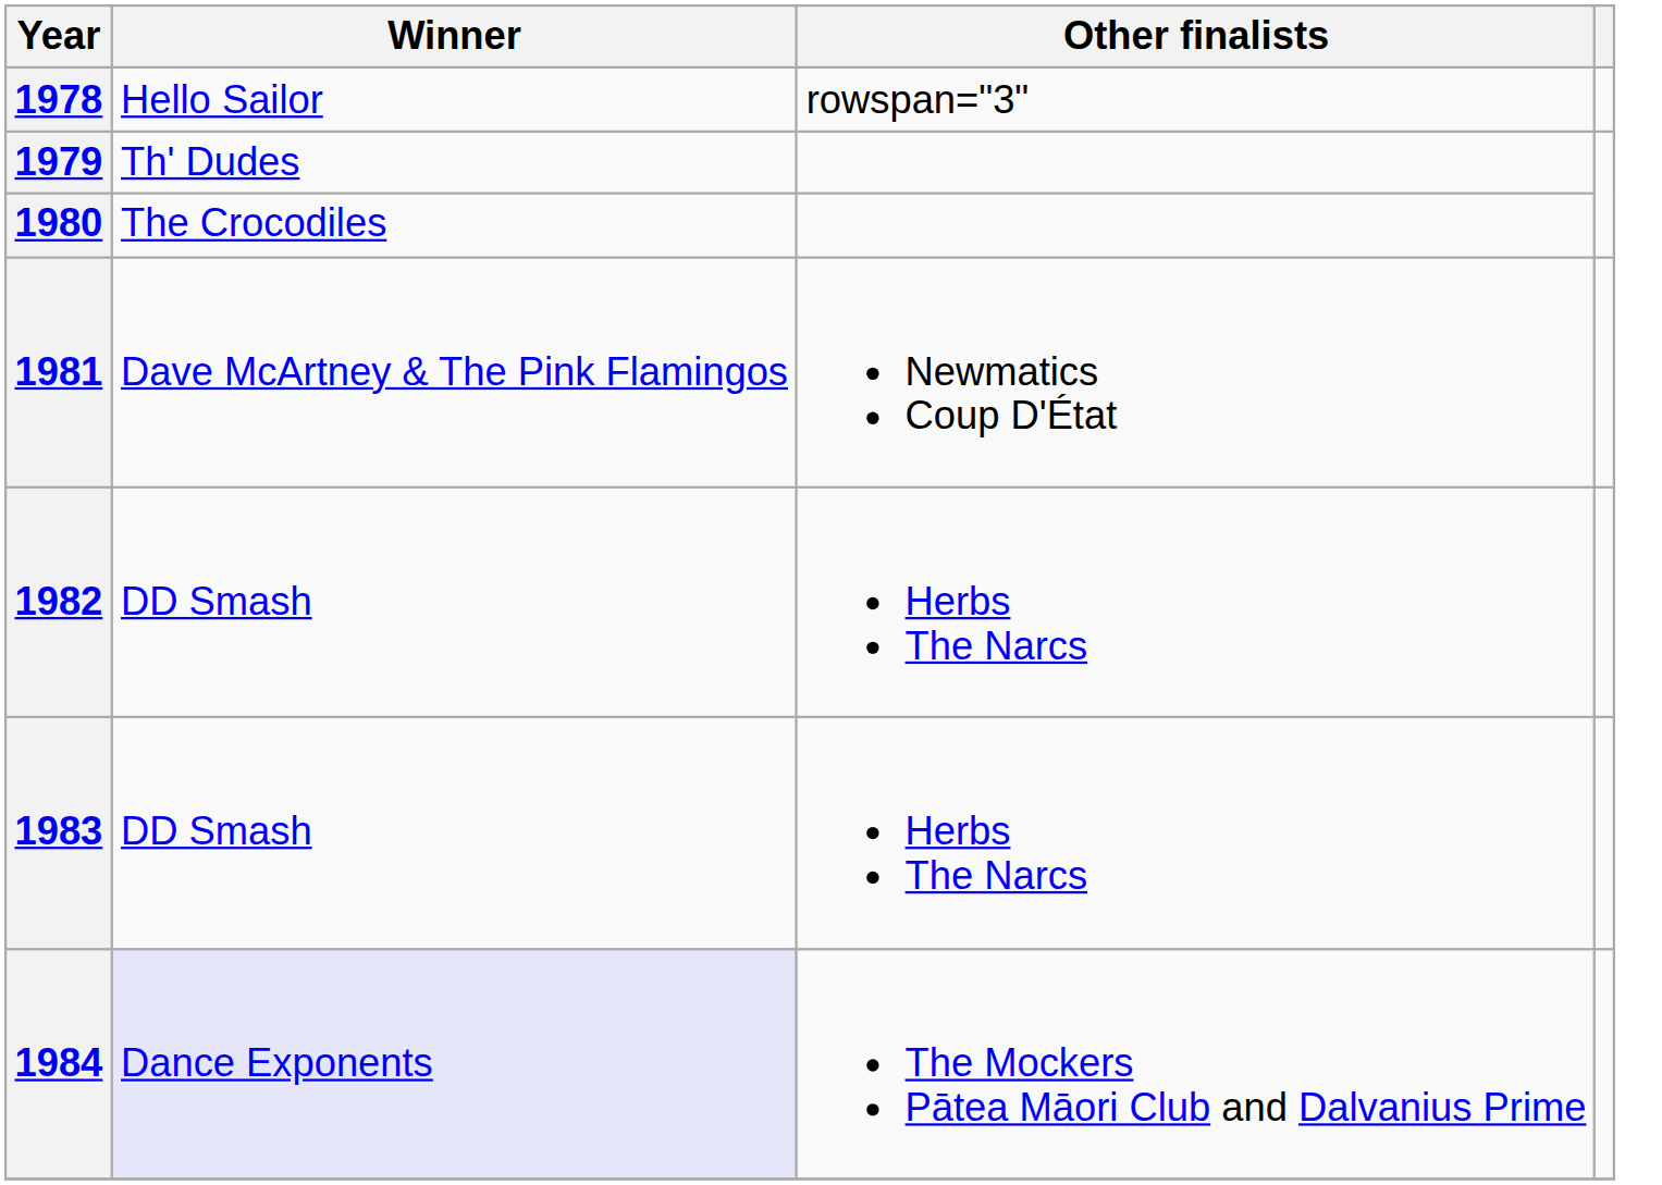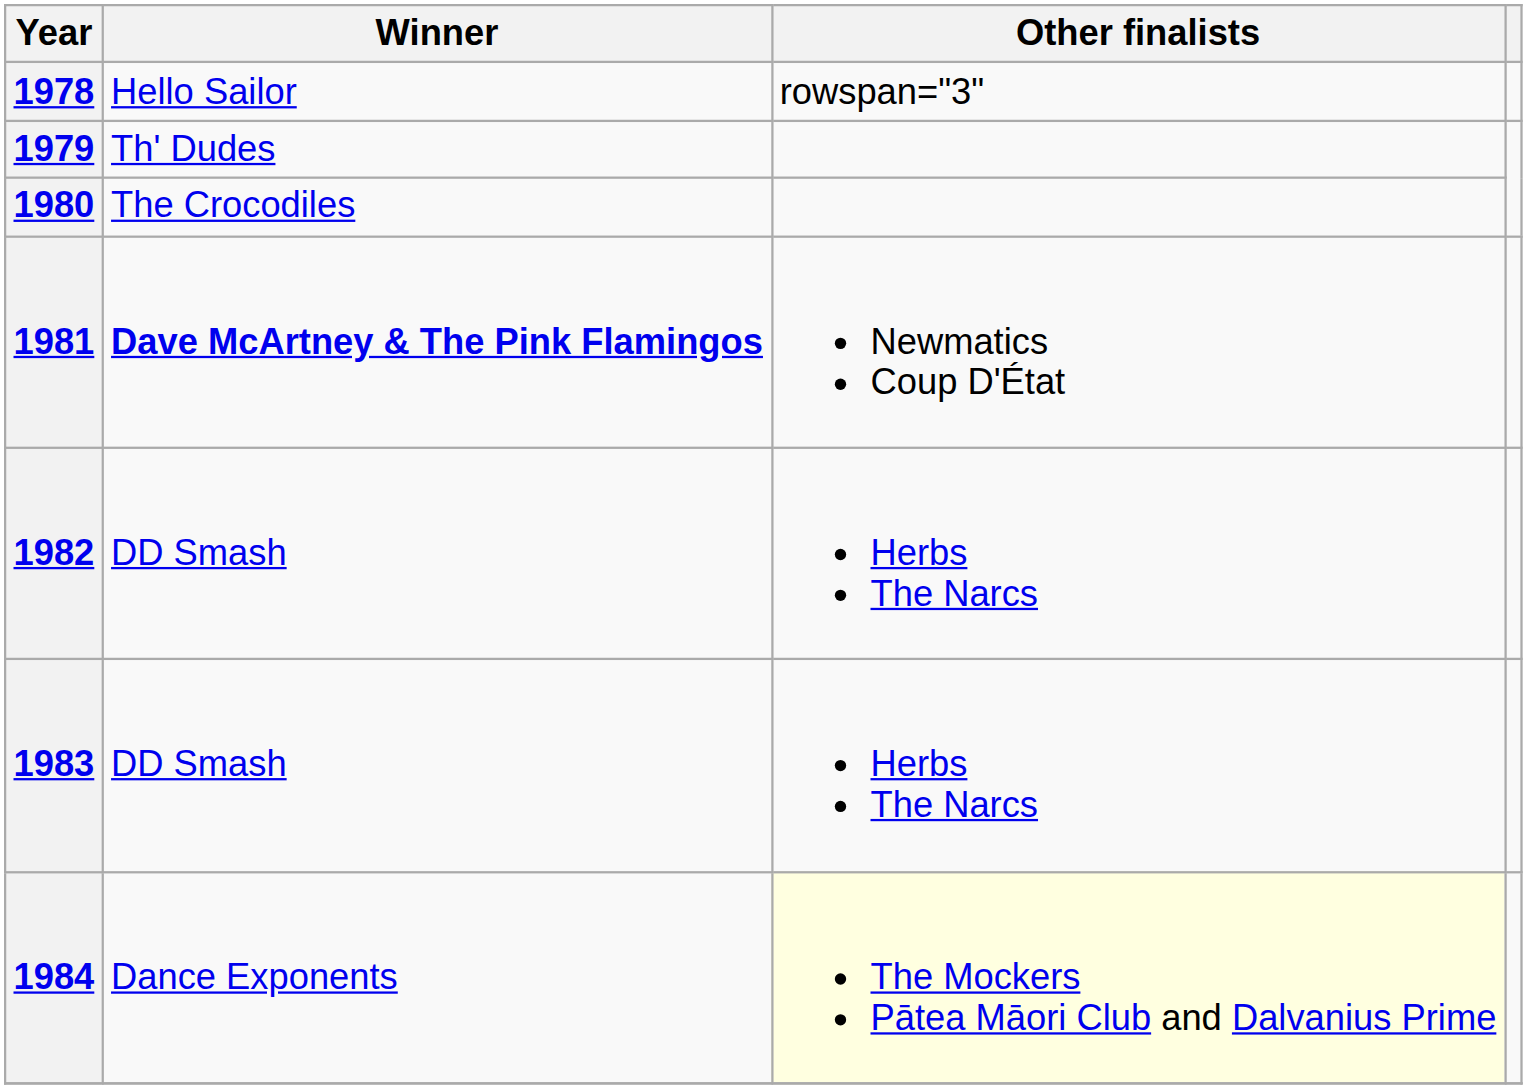 <table class="wikitable sortable">
 <tr>
 <th scope="col">Year</th>
 <th scope="col">Winner</th>
 <th scope="col">Other finalists</th>
 <th scope="col"></th>
 </tr>
 <tr>
 <th scope="row"><a href='#'>1978</a></th>
 <td><a href='#'>Hello Sailor</a></td>
 <td>rowspan="3" </td>
 <td align="center"></td>
 </tr>
 <tr>
 <th scope="row"><a href='#'>1979</a></th>
 <td><a href='#'>Th' Dudes</a></td>
 <td align="center"></td>
 </tr>
 <tr>
 <th scope="row"><a href='#'>1980</a></th>
 <td><a href='#'>The Crocodiles</a></td>
 <td align="center"></td>
 </tr>
 <tr>
 <th scope="row"><a href='#'>1981</a></th>
-<td><a href='#'>Dave McArtney & The Pink Flamingos</a></td>
+<td><strong><a href='#'>Dave McArtney & The Pink Flamingos</a></strong></td>
 <td><br><ul><li>Newmatics</li><li>Coup D'État</li></ul></td>
 <td align="center"></td>
 </tr>
 <tr>
 <th scope="row"><a href='#'>1982</a></th>
 <td><a href='#'>DD Smash</a></td>
 <td><br><ul><li><a href='#'>Herbs</a></li><li><a href='#'>The Narcs</a></li></ul></td>
 <td align="center"></td>
 </tr>
 <tr>
 <th scope="row"><a href='#'>1983</a></th>
 <td><a href='#'>DD Smash</a></td>
 <td><br><ul><li><a href='#'>Herbs</a></li><li><a href='#'>The Narcs</a></li></ul></td>
 <td align="center"></td>
 </tr>
 <tr>
 <th scope="row"><a href='#'>1984</a></th>
-<td style="background: lavender;"><a href='#'>Dance Exponents</a></td>
-<td><br><ul><li><a href='#'>The Mockers</a></li><li><a href='#'>Pātea Māori Club</a> and <a href='#'>Dalvanius Prime</a></li></ul></td>
+<td><a href='#'>Dance Exponents</a></td>
+<td style="background: lightyellow;"><br><ul><li><a href='#'>The Mockers</a></li><li><a href='#'>Pātea Māori Club</a> and <a href='#'>Dalvanius Prime</a></li></ul></td>
 <td align="center"></td>
 </tr>
 <tr>
 </tr>
 </table>
